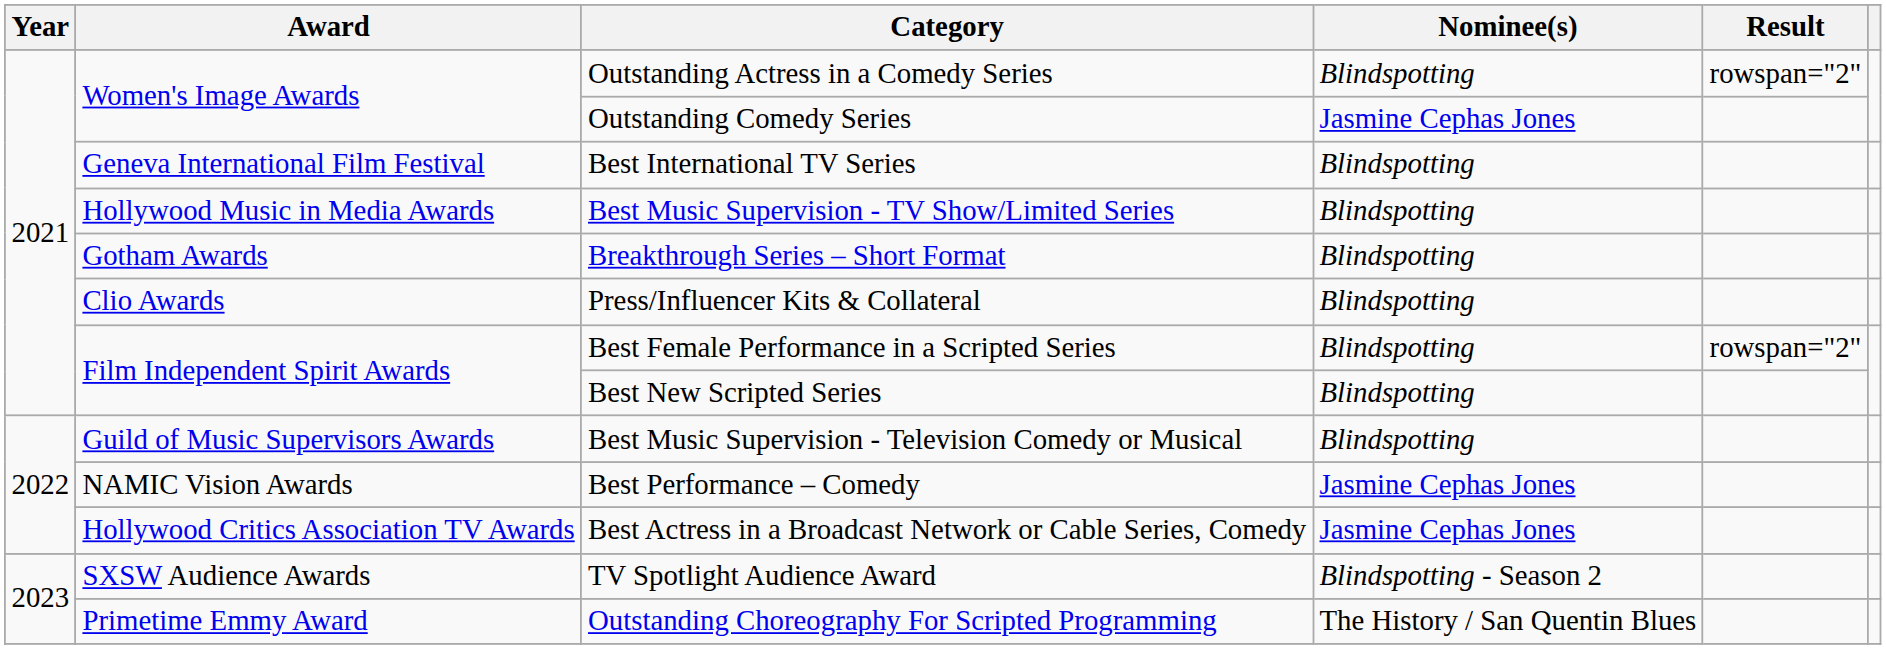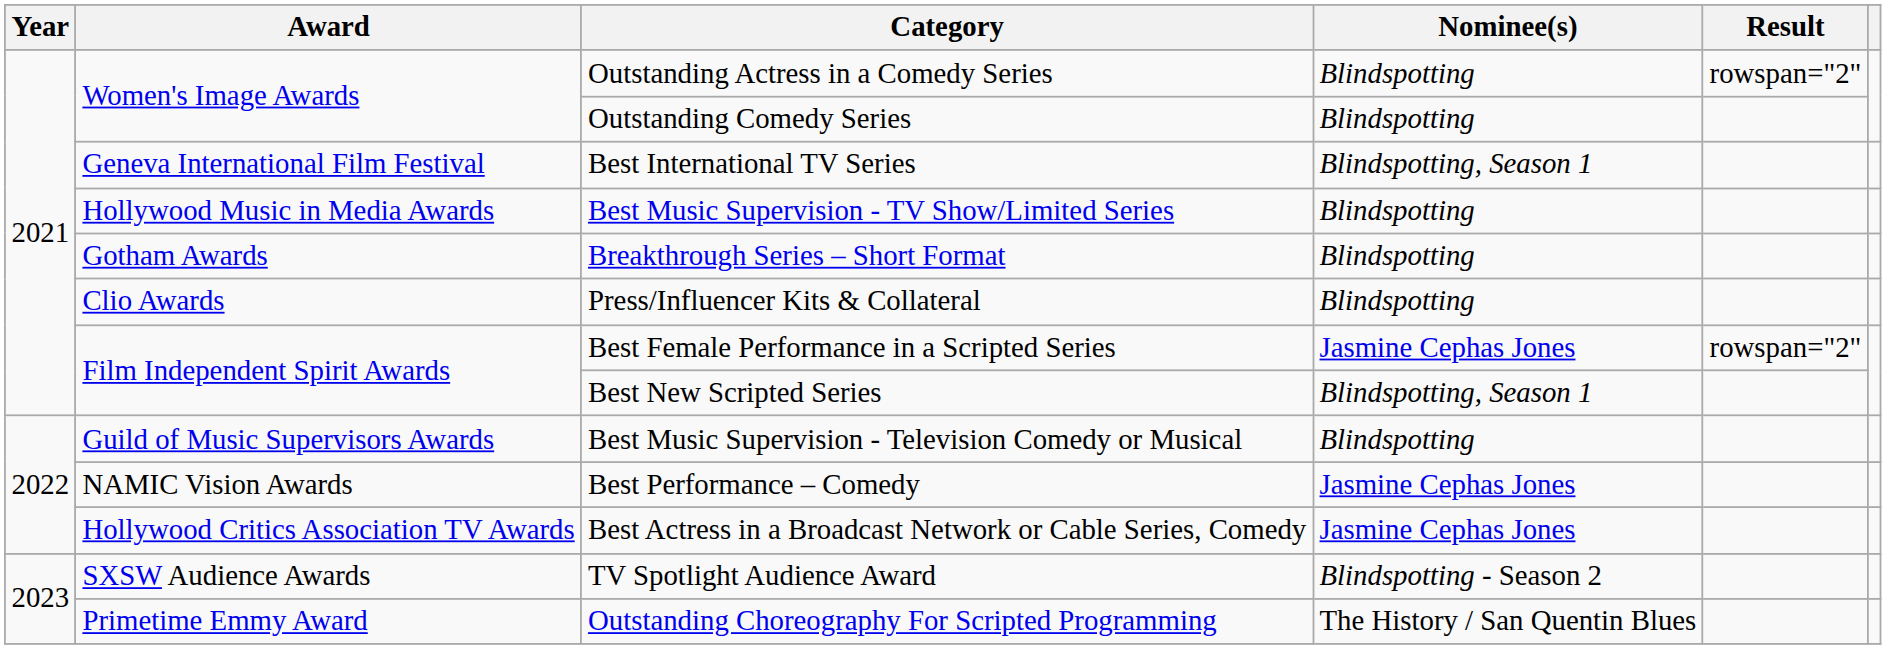 <table class="wikitable sortable">
 <tr>
 <th>Year</th>
 <th>Award</th>
 <th>Category</th>
 <th>Nominee(s)</th>
 <th>Result</th>
 <th></th>
 </tr>
 <tr>
 <td rowspan="8" align="center">2021</td>
 <td rowspan="2"><a href='#'>Women's Image Awards</a></td>
 <td>Outstanding Actress in a Comedy Series</td>
 <td><em>Blindspotting</em></td>
 <td>rowspan="2" </td>
 <td rowspan="2" align="center"></td>
 </tr>
 <tr>
 <td>Outstanding Comedy Series</td>
-<td><a href='#'>Jasmine Cephas Jones</a></td>
+<td><em>Blindspotting</em></td>
 </tr>
 <tr>
 <td><a href='#'>Geneva International Film Festival</a></td>
 <td>Best International TV Series</td>
-<td><em>Blindspotting</em></td>
+<td><em>Blindspotting, Season 1</em><br></td>
 <td></td>
 <td align="center"></td>
 </tr>
 <tr>
 <td><a href='#'>Hollywood Music in Media Awards</a></td>
 <td><a href='#'>Best Music Supervision - TV Show/Limited Series</a></td>
 <td><em>Blindspotting</em><br></td>
 <td></td>
 <td align="center"></td>
 </tr>
 <tr>
 <td><a href='#'>Gotham Awards</a></td>
 <td><a href='#'>Breakthrough Series – Short Format</a></td>
 <td><em>Blindspotting</em></td>
 <td></td>
 <td align="center"></td>
 </tr>
 <tr>
 <td><a href='#'>Clio Awards</a></td>
 <td>Press/Influencer Kits & Collateral</td>
 <td><em>Blindspotting</em><br></td>
 <td></td>
 <td align="center"></td>
 </tr>
 <tr>
 <td rowspan="2"><a href='#'>Film Independent Spirit Awards</a></td>
 <td>Best Female Performance in a Scripted Series</td>
-<td><em>Blindspotting</em></td>
+<td><a href='#'>Jasmine Cephas Jones</a></td>
 <td>rowspan="2" </td>
 <td rowspan="2" align="center"></td>
 </tr>
 <tr>
 <td>Best New Scripted Series</td>
-<td><em>Blindspotting</em></td>
+<td><em>Blindspotting, Season 1</em><br></td>
 </tr>
 <tr>
 <td rowspan="3" align="center">2022</td>
 <td><a href='#'>Guild of Music Supervisors Awards</a></td>
 <td>Best Music Supervision - Television Comedy or Musical</td>
 <td><em>Blindspotting</em></td>
 <td></td>
 <td align="center"></td>
 </tr>
 <tr>
 <td>NAMIC Vision Awards</td>
 <td>Best Performance – Comedy</td>
 <td><a href='#'>Jasmine Cephas Jones</a></td>
 <td></td>
 <td style="text-align:center;"></td>
 </tr>
 <tr>
 <td><a href='#'>Hollywood Critics Association TV Awards</a></td>
 <td>Best Actress in a Broadcast Network or Cable Series, Comedy</td>
 <td><a href='#'>Jasmine Cephas Jones</a></td>
 <td></td>
 <td style="text-align:center;"></td>
 </tr>
 <tr>
 <td rowspan="2">2023</td>
 <td><a href='#'>SXSW</a> Audience Awards</td>
 <td>TV Spotlight Audience Award</td>
 <td><em>Blindspotting</em> - Season 2</td>
 <td></td>
 <td style="text-align:center;"></td>
 </tr>
 <tr>
 <td><a href='#'>Primetime Emmy Award</a></td>
 <td><a href='#'>Outstanding Choreography For Scripted Programming</a></td>
 <td>The History / San Quentin Blues <br></td>
 <td></td>
 <td style="text-align:center;"></td>
 </tr>
 </table>
